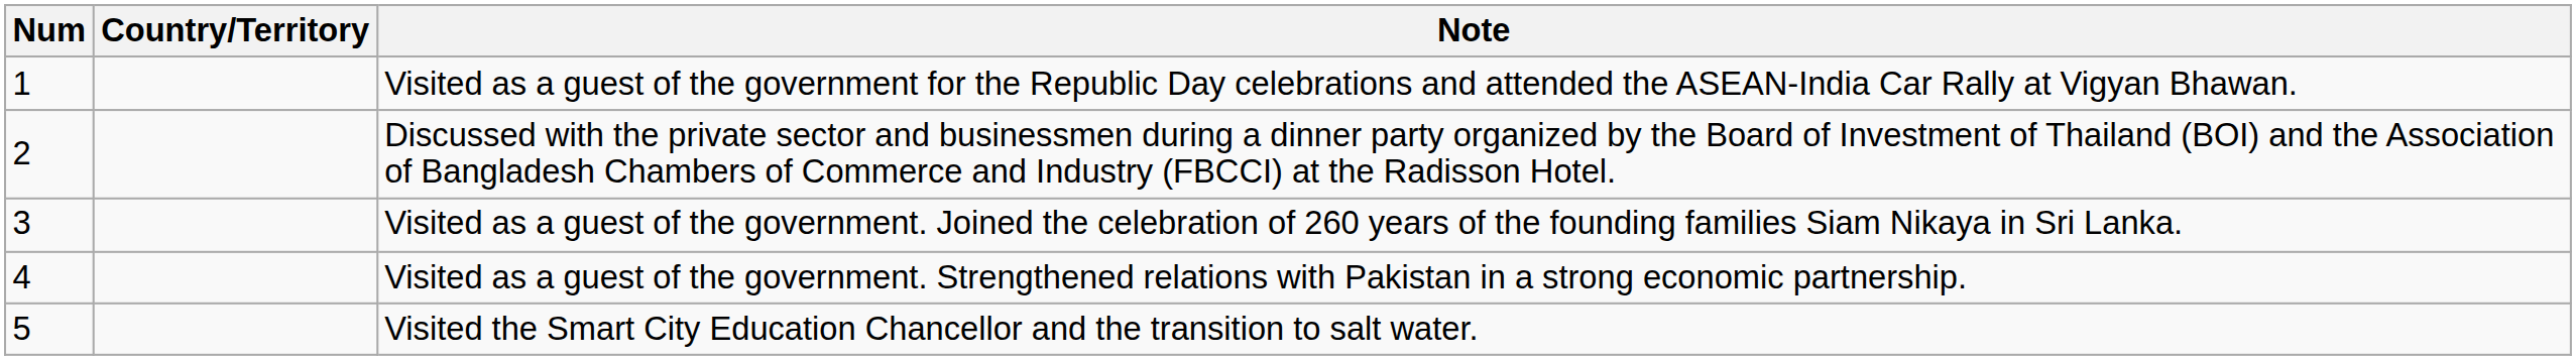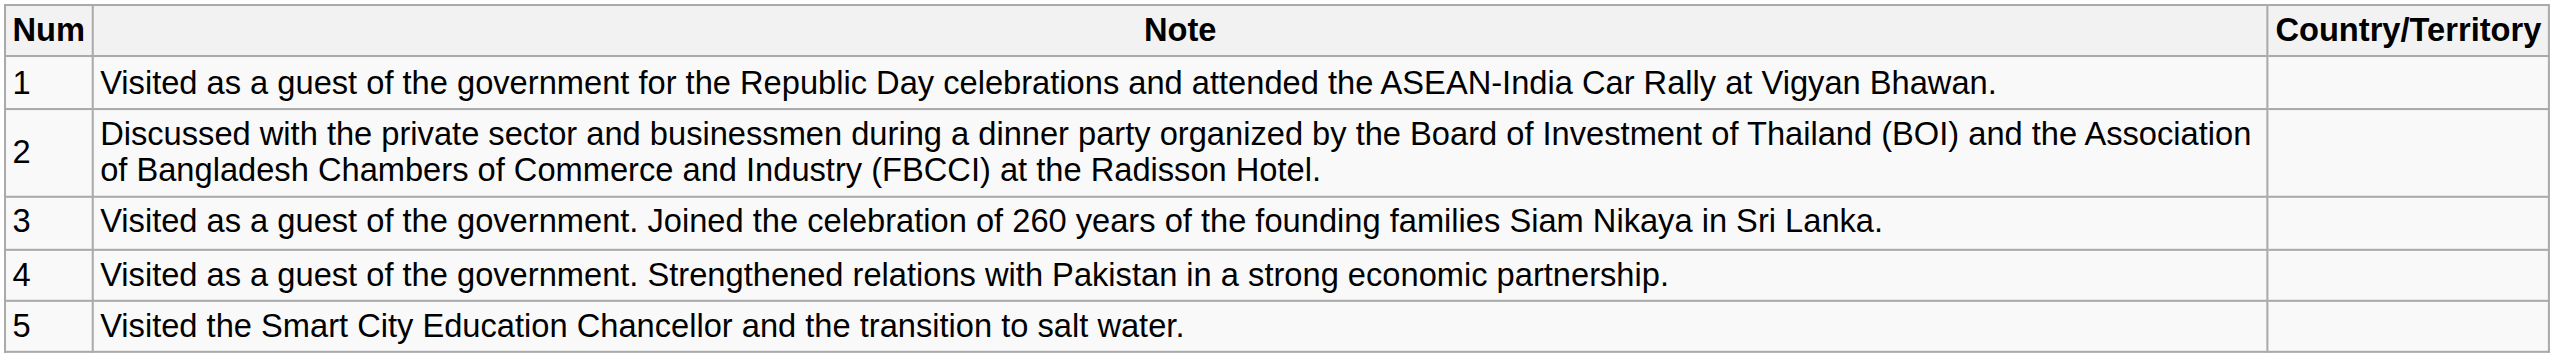 <table class="wikitable">
 <tr>
 <th>Num</th>
+<th>Note</th>
 <th>Country/Territory</th>
-<th>Note</th>
 </tr>
 <tr>
 <td>1</td>
+<td>Visited as a guest of the government for the Republic Day celebrations and attended the ASEAN-India Car Rally at Vigyan Bhawan.</td>
 <td></td>
-<td>Visited as a guest of the government for the Republic Day celebrations and attended the ASEAN-India Car Rally at Vigyan Bhawan.</td>
 </tr>
 <tr>
 <td>2</td>
+<td>Discussed with the private sector and businessmen during a dinner party organized by the Board of Investment of Thailand (BOI) and the Association of Bangladesh Chambers of Commerce and Industry (FBCCI) at the Radisson Hotel.</td>
 <td></td>
-<td>Discussed with the private sector and businessmen during a dinner party organized by the Board of Investment of Thailand (BOI) and the Association of Bangladesh Chambers of Commerce and Industry (FBCCI) at the Radisson Hotel.</td>
 </tr>
 <tr>
 <td>3</td>
+<td>Visited as a guest of the government. Joined the celebration of 260 years of the founding families Siam Nikaya in Sri Lanka.</td>
 <td></td>
-<td>Visited as a guest of the government. Joined the celebration of 260 years of the founding families Siam Nikaya in Sri Lanka.</td>
 </tr>
 <tr>
 <td>4</td>
+<td>Visited as a guest of the government. Strengthened relations with Pakistan in a strong economic partnership.</td>
 <td></td>
-<td>Visited as a guest of the government. Strengthened relations with Pakistan in a strong economic partnership.</td>
 </tr>
 <tr>
 <td>5</td>
+<td>Visited the Smart City Education Chancellor and the transition to salt water.</td>
 <td></td>
-<td>Visited the Smart City Education Chancellor and the transition to salt water.</td>
 </tr>
 </table>
